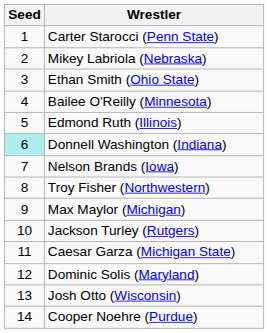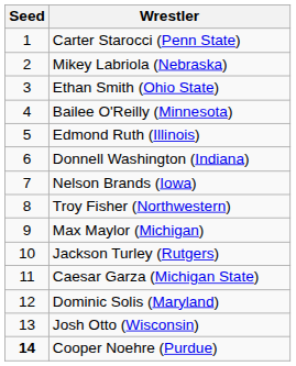 <table class="wikitable" style="text-align: center;">
 <tr>
 <th width="40">Seed</th>
 <th width="250">Wrestler</th>
 </tr>
 <tr>
 <td>1</td>
 <td align="left">Carter Starocci (<a href='#'>Penn State</a>)</td>
 </tr>
 <tr>
 <td>2</td>
 <td align="left">Mikey Labriola (<a href='#'>Nebraska</a>)</td>
 </tr>
 <tr>
 <td>3</td>
 <td align="left">Ethan Smith (<a href='#'>Ohio State</a>)</td>
 </tr>
 <tr>
 <td>4</td>
 <td align="left">Bailee O'Reilly (<a href='#'>Minnesota</a>)</td>
 </tr>
 <tr>
 <td>5</td>
 <td align="left">Edmond Ruth (<a href='#'>Illinois</a>)</td>
 </tr>
 <tr>
-<td style="background: paleturquoise;">6</td>
+<td>6</td>
 <td align="left">Donnell Washington (<a href='#'>Indiana</a>)</td>
 </tr>
 <tr>
 <td>7</td>
 <td align="left">Nelson Brands (<a href='#'>Iowa</a>)</td>
 </tr>
 <tr>
 <td>8</td>
 <td align="left">Troy Fisher (<a href='#'>Northwestern</a>)</td>
 </tr>
 <tr>
 <td>9</td>
 <td align="left">Max Maylor (<a href='#'>Michigan</a>)</td>
 </tr>
 <tr>
 <td>10</td>
 <td align="left">Jackson Turley (<a href='#'>Rutgers</a>)</td>
 </tr>
 <tr>
 <td>11</td>
 <td align="left">Caesar Garza (<a href='#'>Michigan State</a>)</td>
 </tr>
 <tr>
 <td>12</td>
 <td align="left">Dominic Solis (<a href='#'>Maryland</a>)</td>
 </tr>
 <tr>
 <td>13</td>
 <td align="left">Josh Otto (<a href='#'>Wisconsin</a>)</td>
 </tr>
 <tr>
-<td>14</td>
+<td><strong>14</strong></td>
 <td align="left">Cooper Noehre (<a href='#'>Purdue</a>)</td>
 </tr>
 </table>
